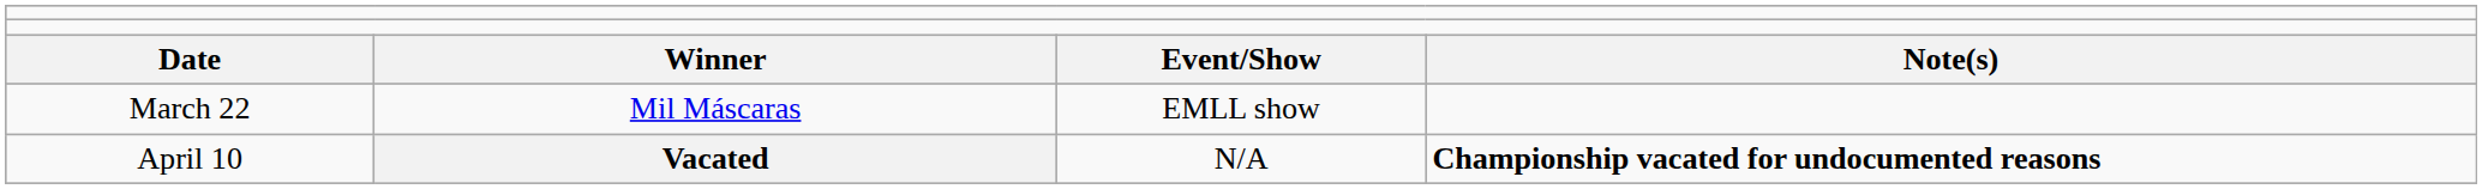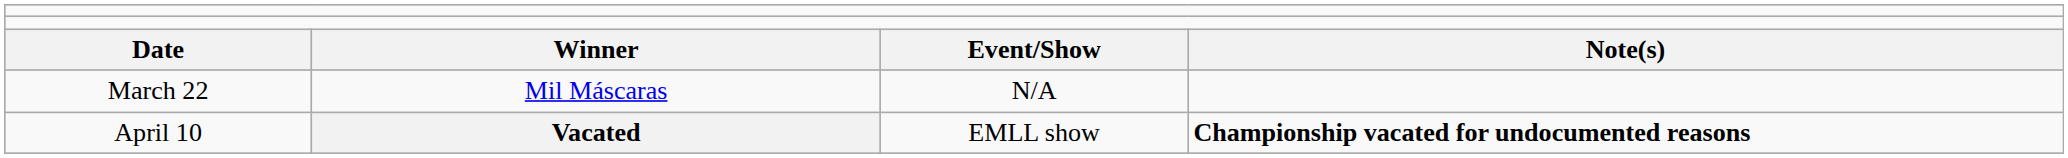 <table class="wikitable" style="text-align:center; width:100%;">
 <tr>
 <td colspan=5></td>
 </tr>
 <tr>
 <td colspan=5><strong></strong></td>
 </tr>
 <tr>
 <th width=14%>Date</th>
 <th width=26%>Winner</th>
 <th width=14%>Event/Show</th>
 <th width=40%>Note(s)</th>
 </tr>
 <tr>
 <td>March 22</td>
 <td><a href='#'>Mil Máscaras</a></td>
-<td>EMLL show</td>
+<td>N/A</td>
 <td align=left></td>
 </tr>
 <tr>
 <td>April 10</td>
 <th>Vacated</th>
-<td>N/A</td>
+<td>EMLL show</td>
 <td align=left><strong>Championship vacated for undocumented reasons</strong></td>
 </tr>
 </table>
